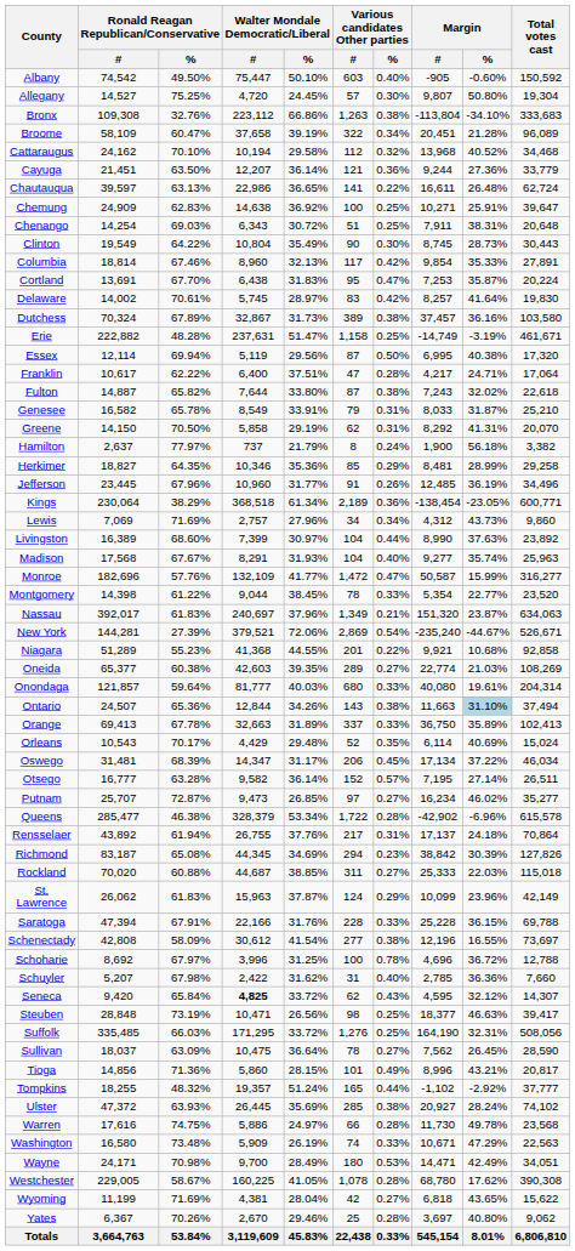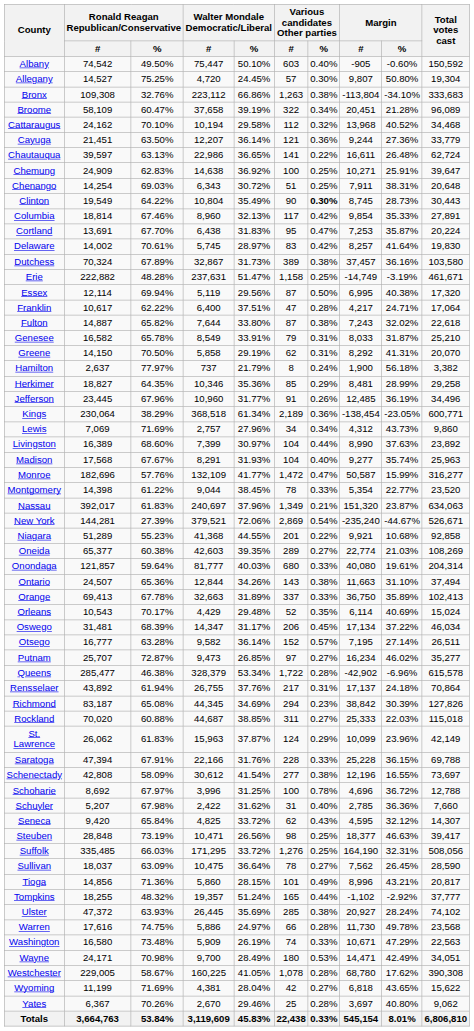 <table width="60%" class="wikitable sortable" style="text-align:center">
 <tr>
 <th colspan="1" rowspan="2">County</th>
 <th style="text-align:center;" colspan="2">Ronald Reagan<br>Republican/Conservative</th>
 <th style="text-align:center;" colspan="2">Walter Mondale<br>Democratic/Liberal</th>
 <th style="text-align:center;" colspan="2">Various candidates<br>Other parties</th>
 <th style="text-align:center;" colspan="2">Margin</th>
 <th colspan="1" rowspan="2" style="text-align:center;">Total votes cast</th>
 </tr>
 <tr>
 <th style="text-align:center;" data-sort-type="number">#</th>
 <th style="text-align:center;" data-sort-type="number">%</th>
 <th style="text-align:center;" data-sort-type="number">#</th>
 <th style="text-align:center;" data-sort-type="number">%</th>
 <th style="text-align:center;" data-sort-type="number">#</th>
 <th style="text-align:center;" data-sort-type="number">%</th>
 <th style="text-align:center;" data-sort-type="number">#</th>
 <th style="text-align:center;" data-sort-type="number">%</th>
 </tr>
 <tr style="text-align:center;">
 <td><a href='#'>Albany</a></td>
 <td>74,542</td>
 <td>49.50%</td>
 <td>75,447</td>
 <td>50.10%</td>
 <td>603</td>
 <td>0.40%</td>
 <td>-905</td>
 <td>-0.60%</td>
 <td>150,592</td>
 </tr>
 <tr style="text-align:center;">
 <td><a href='#'>Allegany</a></td>
 <td>14,527</td>
 <td>75.25%</td>
 <td>4,720</td>
 <td>24.45%</td>
 <td>57</td>
 <td>0.30%</td>
 <td>9,807</td>
 <td>50.80%</td>
 <td>19,304</td>
 </tr>
 <tr style="text-align:center;">
 <td><a href='#'>Bronx</a></td>
 <td>109,308</td>
 <td>32.76%</td>
 <td>223,112</td>
 <td>66.86%</td>
 <td>1,263</td>
 <td>0.38%</td>
 <td>-113,804</td>
 <td>-34.10%</td>
 <td>333,683</td>
 </tr>
 <tr style="text-align:center;">
 <td><a href='#'>Broome</a></td>
 <td>58,109</td>
 <td>60.47%</td>
 <td>37,658</td>
 <td>39.19%</td>
 <td>322</td>
 <td>0.34%</td>
 <td>20,451</td>
 <td>21.28%</td>
 <td>96,089</td>
 </tr>
 <tr style="text-align:center;">
 <td><a href='#'>Cattaraugus</a></td>
 <td>24,162</td>
 <td>70.10%</td>
 <td>10,194</td>
 <td>29.58%</td>
 <td>112</td>
 <td>0.32%</td>
 <td>13,968</td>
 <td>40.52%</td>
 <td>34,468</td>
 </tr>
 <tr style="text-align:center;">
 <td><a href='#'>Cayuga</a></td>
 <td>21,451</td>
 <td>63.50%</td>
 <td>12,207</td>
 <td>36.14%</td>
 <td>121</td>
 <td>0.36%</td>
 <td>9,244</td>
 <td>27.36%</td>
 <td>33,779</td>
 </tr>
 <tr style="text-align:center;">
 <td><a href='#'>Chautauqua</a></td>
 <td>39,597</td>
 <td>63.13%</td>
 <td>22,986</td>
 <td>36.65%</td>
 <td>141</td>
 <td>0.22%</td>
 <td>16,611</td>
 <td>26.48%</td>
 <td>62,724</td>
 </tr>
 <tr style="text-align:center;">
 <td><a href='#'>Chemung</a></td>
 <td>24,909</td>
 <td>62.83%</td>
 <td>14,638</td>
 <td>36.92%</td>
 <td>100</td>
 <td>0.25%</td>
 <td>10,271</td>
 <td>25.91%</td>
 <td>39,647</td>
 </tr>
 <tr style="text-align:center;">
 <td><a href='#'>Chenango</a></td>
 <td>14,254</td>
 <td>69.03%</td>
 <td>6,343</td>
 <td>30.72%</td>
 <td>51</td>
 <td>0.25%</td>
 <td>7,911</td>
 <td>38.31%</td>
 <td>20,648</td>
 </tr>
 <tr style="text-align:center;">
 <td><a href='#'>Clinton</a></td>
 <td>19,549</td>
 <td>64.22%</td>
 <td>10,804</td>
 <td>35.49%</td>
 <td>90</td>
-<td>0.30%</td>
+<td><strong>0.30%</strong></td>
 <td>8,745</td>
 <td>28.73%</td>
 <td>30,443</td>
 </tr>
 <tr style="text-align:center;">
 <td><a href='#'>Columbia</a></td>
 <td>18,814</td>
 <td>67.46%</td>
 <td>8,960</td>
 <td>32.13%</td>
 <td>117</td>
 <td>0.42%</td>
 <td>9,854</td>
 <td>35.33%</td>
 <td>27,891</td>
 </tr>
 <tr style="text-align:center;">
 <td><a href='#'>Cortland</a></td>
 <td>13,691</td>
 <td>67.70%</td>
 <td>6,438</td>
 <td>31.83%</td>
 <td>95</td>
 <td>0.47%</td>
 <td>7,253</td>
 <td>35.87%</td>
 <td>20,224</td>
 </tr>
 <tr style="text-align:center;">
 <td><a href='#'>Delaware</a></td>
 <td>14,002</td>
 <td>70.61%</td>
 <td>5,745</td>
 <td>28.97%</td>
 <td>83</td>
 <td>0.42%</td>
 <td>8,257</td>
 <td>41.64%</td>
 <td>19,830</td>
 </tr>
 <tr style="text-align:center;">
 <td><a href='#'>Dutchess</a></td>
 <td>70,324</td>
 <td>67.89%</td>
 <td>32,867</td>
 <td>31.73%</td>
 <td>389</td>
 <td>0.38%</td>
 <td>37,457</td>
 <td>36.16%</td>
 <td>103,580</td>
 </tr>
 <tr style="text-align:center;">
 <td><a href='#'>Erie</a></td>
 <td>222,882</td>
 <td>48.28%</td>
 <td>237,631</td>
 <td>51.47%</td>
 <td>1,158</td>
 <td>0.25%</td>
 <td>-14,749</td>
 <td>-3.19%</td>
 <td>461,671</td>
 </tr>
 <tr style="text-align:center;">
 <td><a href='#'>Essex</a></td>
 <td>12,114</td>
 <td>69.94%</td>
 <td>5,119</td>
 <td>29.56%</td>
 <td>87</td>
 <td>0.50%</td>
 <td>6,995</td>
 <td>40.38%</td>
 <td>17,320</td>
 </tr>
 <tr style="text-align:center;">
 <td><a href='#'>Franklin</a></td>
 <td>10,617</td>
 <td>62.22%</td>
 <td>6,400</td>
 <td>37.51%</td>
 <td>47</td>
 <td>0.28%</td>
 <td>4,217</td>
 <td>24.71%</td>
 <td>17,064</td>
 </tr>
 <tr style="text-align:center;">
 <td><a href='#'>Fulton</a></td>
 <td>14,887</td>
 <td>65.82%</td>
 <td>7,644</td>
 <td>33.80%</td>
 <td>87</td>
 <td>0.38%</td>
 <td>7,243</td>
 <td>32.02%</td>
 <td>22,618</td>
 </tr>
 <tr style="text-align:center;">
 <td><a href='#'>Genesee</a></td>
 <td>16,582</td>
 <td>65.78%</td>
 <td>8,549</td>
 <td>33.91%</td>
 <td>79</td>
 <td>0.31%</td>
 <td>8,033</td>
 <td>31.87%</td>
 <td>25,210</td>
 </tr>
 <tr style="text-align:center;">
 <td><a href='#'>Greene</a></td>
 <td>14,150</td>
 <td>70.50%</td>
 <td>5,858</td>
 <td>29.19%</td>
 <td>62</td>
 <td>0.31%</td>
 <td>8,292</td>
 <td>41.31%</td>
 <td>20,070</td>
 </tr>
 <tr style="text-align:center;">
 <td><a href='#'>Hamilton</a></td>
 <td>2,637</td>
 <td>77.97%</td>
 <td>737</td>
 <td>21.79%</td>
 <td>8</td>
 <td>0.24%</td>
 <td>1,900</td>
 <td>56.18%</td>
 <td>3,382</td>
 </tr>
 <tr style="text-align:center;">
 <td><a href='#'>Herkimer</a></td>
 <td>18,827</td>
 <td>64.35%</td>
 <td>10,346</td>
 <td>35.36%</td>
 <td>85</td>
 <td>0.29%</td>
 <td>8,481</td>
 <td>28.99%</td>
 <td>29,258</td>
 </tr>
 <tr style="text-align:center;">
 <td><a href='#'>Jefferson</a></td>
 <td>23,445</td>
 <td>67.96%</td>
 <td>10,960</td>
 <td>31.77%</td>
 <td>91</td>
 <td>0.26%</td>
 <td>12,485</td>
 <td>36.19%</td>
 <td>34,496</td>
 </tr>
 <tr style="text-align:center;">
 <td><a href='#'>Kings</a></td>
 <td>230,064</td>
 <td>38.29%</td>
 <td>368,518</td>
 <td>61.34%</td>
 <td>2,189</td>
 <td>0.36%</td>
 <td>-138,454</td>
 <td>-23.05%</td>
 <td>600,771</td>
 </tr>
 <tr style="text-align:center;">
 <td><a href='#'>Lewis</a></td>
 <td>7,069</td>
 <td>71.69%</td>
 <td>2,757</td>
 <td>27.96%</td>
 <td>34</td>
 <td>0.34%</td>
 <td>4,312</td>
 <td>43.73%</td>
 <td>9,860</td>
 </tr>
 <tr style="text-align:center;">
 <td><a href='#'>Livingston</a></td>
 <td>16,389</td>
 <td>68.60%</td>
 <td>7,399</td>
 <td>30.97%</td>
 <td>104</td>
 <td>0.44%</td>
 <td>8,990</td>
 <td>37.63%</td>
 <td>23,892</td>
 </tr>
 <tr style="text-align:center;">
 <td><a href='#'>Madison</a></td>
 <td>17,568</td>
 <td>67.67%</td>
 <td>8,291</td>
 <td>31.93%</td>
 <td>104</td>
 <td>0.40%</td>
 <td>9,277</td>
 <td>35.74%</td>
 <td>25,963</td>
 </tr>
 <tr style="text-align:center;">
 <td><a href='#'>Monroe</a></td>
 <td>182,696</td>
 <td>57.76%</td>
 <td>132,109</td>
 <td>41.77%</td>
 <td>1,472</td>
 <td>0.47%</td>
 <td>50,587</td>
 <td>15.99%</td>
 <td>316,277</td>
 </tr>
 <tr style="text-align:center;">
 <td><a href='#'>Montgomery</a></td>
 <td>14,398</td>
 <td>61.22%</td>
 <td>9,044</td>
 <td>38.45%</td>
 <td>78</td>
 <td>0.33%</td>
 <td>5,354</td>
 <td>22.77%</td>
 <td>23,520</td>
 </tr>
 <tr style="text-align:center;">
 <td><a href='#'>Nassau</a></td>
 <td>392,017</td>
 <td>61.83%</td>
 <td>240,697</td>
 <td>37.96%</td>
 <td>1,349</td>
 <td>0.21%</td>
 <td>151,320</td>
 <td>23.87%</td>
 <td>634,063</td>
 </tr>
 <tr style="text-align:center;">
 <td><a href='#'>New York</a></td>
 <td>144,281</td>
 <td>27.39%</td>
 <td>379,521</td>
 <td>72.06%</td>
 <td>2,869</td>
 <td>0.54%</td>
 <td>-235,240</td>
 <td>-44.67%</td>
 <td>526,671</td>
 </tr>
 <tr style="text-align:center;">
 <td><a href='#'>Niagara</a></td>
 <td>51,289</td>
 <td>55.23%</td>
 <td>41,368</td>
 <td>44.55%</td>
 <td>201</td>
 <td>0.22%</td>
 <td>9,921</td>
 <td>10.68%</td>
 <td>92,858</td>
 </tr>
 <tr style="text-align:center;">
 <td><a href='#'>Oneida</a></td>
 <td>65,377</td>
 <td>60.38%</td>
 <td>42,603</td>
 <td>39.35%</td>
 <td>289</td>
 <td>0.27%</td>
 <td>22,774</td>
 <td>21.03%</td>
 <td>108,269</td>
 </tr>
 <tr style="text-align:center;">
 <td><a href='#'>Onondaga</a></td>
 <td>121,857</td>
 <td>59.64%</td>
 <td>81,777</td>
 <td>40.03%</td>
 <td>680</td>
 <td>0.33%</td>
 <td>40,080</td>
 <td>19.61%</td>
 <td>204,314</td>
 </tr>
 <tr style="text-align:center;">
 <td><a href='#'>Ontario</a></td>
 <td>24,507</td>
 <td>65.36%</td>
 <td>12,844</td>
 <td>34.26%</td>
 <td>143</td>
 <td>0.38%</td>
 <td>11,663</td>
-<td style="background: lightblue;">31.10%</td>
+<td>31.10%</td>
 <td>37,494</td>
 </tr>
 <tr style="text-align:center;">
 <td><a href='#'>Orange</a></td>
 <td>69,413</td>
 <td>67.78%</td>
 <td>32,663</td>
 <td>31.89%</td>
 <td>337</td>
 <td>0.33%</td>
 <td>36,750</td>
 <td>35.89%</td>
 <td>102,413</td>
 </tr>
 <tr style="text-align:center;">
 <td><a href='#'>Orleans</a></td>
 <td>10,543</td>
 <td>70.17%</td>
 <td>4,429</td>
 <td>29.48%</td>
 <td>52</td>
 <td>0.35%</td>
 <td>6,114</td>
 <td>40.69%</td>
 <td>15,024</td>
 </tr>
 <tr style="text-align:center;">
 <td><a href='#'>Oswego</a></td>
 <td>31,481</td>
 <td>68.39%</td>
 <td>14,347</td>
 <td>31.17%</td>
 <td>206</td>
 <td>0.45%</td>
 <td>17,134</td>
 <td>37.22%</td>
 <td>46,034</td>
 </tr>
 <tr style="text-align:center;">
 <td><a href='#'>Otsego</a></td>
 <td>16,777</td>
 <td>63.28%</td>
 <td>9,582</td>
 <td>36.14%</td>
 <td>152</td>
 <td>0.57%</td>
 <td>7,195</td>
 <td>27.14%</td>
 <td>26,511</td>
 </tr>
 <tr style="text-align:center;">
 <td><a href='#'>Putnam</a></td>
 <td>25,707</td>
 <td>72.87%</td>
 <td>9,473</td>
 <td>26.85%</td>
 <td>97</td>
 <td>0.27%</td>
 <td>16,234</td>
 <td>46.02%</td>
 <td>35,277</td>
 </tr>
 <tr style="text-align:center;">
 <td><a href='#'>Queens</a></td>
 <td>285,477</td>
 <td>46.38%</td>
 <td>328,379</td>
 <td>53.34%</td>
 <td>1,722</td>
 <td>0.28%</td>
 <td>-42,902</td>
 <td>-6.96%</td>
 <td>615,578</td>
 </tr>
 <tr style="text-align:center;">
 <td><a href='#'>Rensselaer</a></td>
 <td>43,892</td>
 <td>61.94%</td>
 <td>26,755</td>
 <td>37.76%</td>
 <td>217</td>
 <td>0.31%</td>
 <td>17,137</td>
 <td>24.18%</td>
 <td>70,864</td>
 </tr>
 <tr style="text-align:center;">
 <td><a href='#'>Richmond</a></td>
 <td>83,187</td>
 <td>65.08%</td>
 <td>44,345</td>
 <td>34.69%</td>
 <td>294</td>
 <td>0.23%</td>
 <td>38,842</td>
 <td>30.39%</td>
 <td>127,826</td>
 </tr>
 <tr style="text-align:center;">
 <td><a href='#'>Rockland</a></td>
 <td>70,020</td>
 <td>60.88%</td>
 <td>44,687</td>
 <td>38.85%</td>
 <td>311</td>
 <td>0.27%</td>
 <td>25,333</td>
 <td>22.03%</td>
 <td>115,018</td>
 </tr>
 <tr style="text-align:center;">
 <td><a href='#'>St. Lawrence</a></td>
 <td>26,062</td>
 <td>61.83%</td>
 <td>15,963</td>
 <td>37.87%</td>
 <td>124</td>
 <td>0.29%</td>
 <td>10,099</td>
 <td>23.96%</td>
 <td>42,149</td>
 </tr>
 <tr style="text-align:center;">
 <td><a href='#'>Saratoga</a></td>
 <td>47,394</td>
 <td>67.91%</td>
 <td>22,166</td>
 <td>31.76%</td>
 <td>228</td>
 <td>0.33%</td>
 <td>25,228</td>
 <td>36.15%</td>
 <td>69,788</td>
 </tr>
 <tr style="text-align:center;">
 <td><a href='#'>Schenectady</a></td>
 <td>42,808</td>
 <td>58.09%</td>
 <td>30,612</td>
 <td>41.54%</td>
 <td>277</td>
 <td>0.38%</td>
 <td>12,196</td>
 <td>16.55%</td>
 <td>73,697</td>
 </tr>
 <tr style="text-align:center;">
 <td><a href='#'>Schoharie</a></td>
 <td>8,692</td>
 <td>67.97%</td>
 <td>3,996</td>
 <td>31.25%</td>
 <td>100</td>
 <td>0.78%</td>
 <td>4,696</td>
 <td>36.72%</td>
 <td>12,788</td>
 </tr>
 <tr style="text-align:center;">
 <td><a href='#'>Schuyler</a></td>
 <td>5,207</td>
 <td>67.98%</td>
 <td>2,422</td>
 <td>31.62%</td>
 <td>31</td>
 <td>0.40%</td>
 <td>2,785</td>
 <td>36.36%</td>
 <td>7,660</td>
 </tr>
 <tr style="text-align:center;">
 <td><a href='#'>Seneca</a></td>
 <td>9,420</td>
 <td>65.84%</td>
-<td><strong>4,825</strong></td>
+<td>4,825</td>
 <td>33.72%</td>
 <td>62</td>
 <td>0.43%</td>
 <td>4,595</td>
 <td>32.12%</td>
 <td>14,307</td>
 </tr>
 <tr style="text-align:center;">
 <td><a href='#'>Steuben</a></td>
 <td>28,848</td>
 <td>73.19%</td>
 <td>10,471</td>
 <td>26.56%</td>
 <td>98</td>
 <td>0.25%</td>
 <td>18,377</td>
 <td>46.63%</td>
 <td>39,417</td>
 </tr>
 <tr style="text-align:center;">
 <td><a href='#'>Suffolk</a></td>
 <td>335,485</td>
 <td>66.03%</td>
 <td>171,295</td>
 <td>33.72%</td>
 <td>1,276</td>
 <td>0.25%</td>
 <td>164,190</td>
 <td>32.31%</td>
 <td>508,056</td>
 </tr>
 <tr style="text-align:center;">
 <td><a href='#'>Sullivan</a></td>
 <td>18,037</td>
 <td>63.09%</td>
 <td>10,475</td>
 <td>36.64%</td>
 <td>78</td>
 <td>0.27%</td>
 <td>7,562</td>
 <td>26.45%</td>
 <td>28,590</td>
 </tr>
 <tr style="text-align:center;">
 <td><a href='#'>Tioga</a></td>
 <td>14,856</td>
 <td>71.36%</td>
 <td>5,860</td>
 <td>28.15%</td>
 <td>101</td>
 <td>0.49%</td>
 <td>8,996</td>
 <td>43.21%</td>
 <td>20,817</td>
 </tr>
 <tr style="text-align:center;">
 <td><a href='#'>Tompkins</a></td>
 <td>18,255</td>
 <td>48.32%</td>
 <td>19,357</td>
 <td>51.24%</td>
 <td>165</td>
 <td>0.44%</td>
 <td>-1,102</td>
 <td>-2.92%</td>
 <td>37,777</td>
 </tr>
 <tr style="text-align:center;">
 <td><a href='#'>Ulster</a></td>
 <td>47,372</td>
 <td>63.93%</td>
 <td>26,445</td>
 <td>35.69%</td>
 <td>285</td>
 <td>0.38%</td>
 <td>20,927</td>
 <td>28.24%</td>
 <td>74,102</td>
 </tr>
 <tr style="text-align:center;">
 <td><a href='#'>Warren</a></td>
 <td>17,616</td>
 <td>74.75%</td>
 <td>5,886</td>
 <td>24.97%</td>
 <td>66</td>
 <td>0.28%</td>
 <td>11,730</td>
 <td>49.78%</td>
 <td>23,568</td>
 </tr>
 <tr style="text-align:center;">
 <td><a href='#'>Washington</a></td>
 <td>16,580</td>
 <td>73.48%</td>
 <td>5,909</td>
 <td>26.19%</td>
 <td>74</td>
 <td>0.33%</td>
 <td>10,671</td>
 <td>47.29%</td>
 <td>22,563</td>
 </tr>
 <tr style="text-align:center;">
 <td><a href='#'>Wayne</a></td>
 <td>24,171</td>
 <td>70.98%</td>
 <td>9,700</td>
 <td>28.49%</td>
 <td>180</td>
 <td>0.53%</td>
 <td>14,471</td>
 <td>42.49%</td>
 <td>34,051</td>
 </tr>
 <tr style="text-align:center;">
 <td><a href='#'>Westchester</a></td>
 <td>229,005</td>
 <td>58.67%</td>
 <td>160,225</td>
 <td>41.05%</td>
 <td>1,078</td>
 <td>0.28%</td>
 <td>68,780</td>
 <td>17.62%</td>
 <td>390,308</td>
 </tr>
 <tr style="text-align:center;">
 <td><a href='#'>Wyoming</a></td>
 <td>11,199</td>
 <td>71.69%</td>
 <td>4,381</td>
 <td>28.04%</td>
 <td>42</td>
 <td>0.27%</td>
 <td>6,818</td>
 <td>43.65%</td>
 <td>15,622</td>
 </tr>
 <tr style="text-align:center;">
 <td><a href='#'>Yates</a></td>
 <td>6,367</td>
 <td>70.26%</td>
 <td>2,670</td>
 <td>29.46%</td>
 <td>25</td>
 <td>0.28%</td>
 <td>3,697</td>
 <td>40.80%</td>
 <td>9,062</td>
 </tr>
 <tr style="text-align:center;">
 <th>Totals</th>
 <th>3,664,763</th>
 <th>53.84%</th>
 <th>3,119,609</th>
 <th>45.83%</th>
 <th>22,438</th>
 <th>0.33%</th>
 <th>545,154</th>
 <th>8.01%</th>
 <th>6,806,810</th>
 </tr>
 </table>
